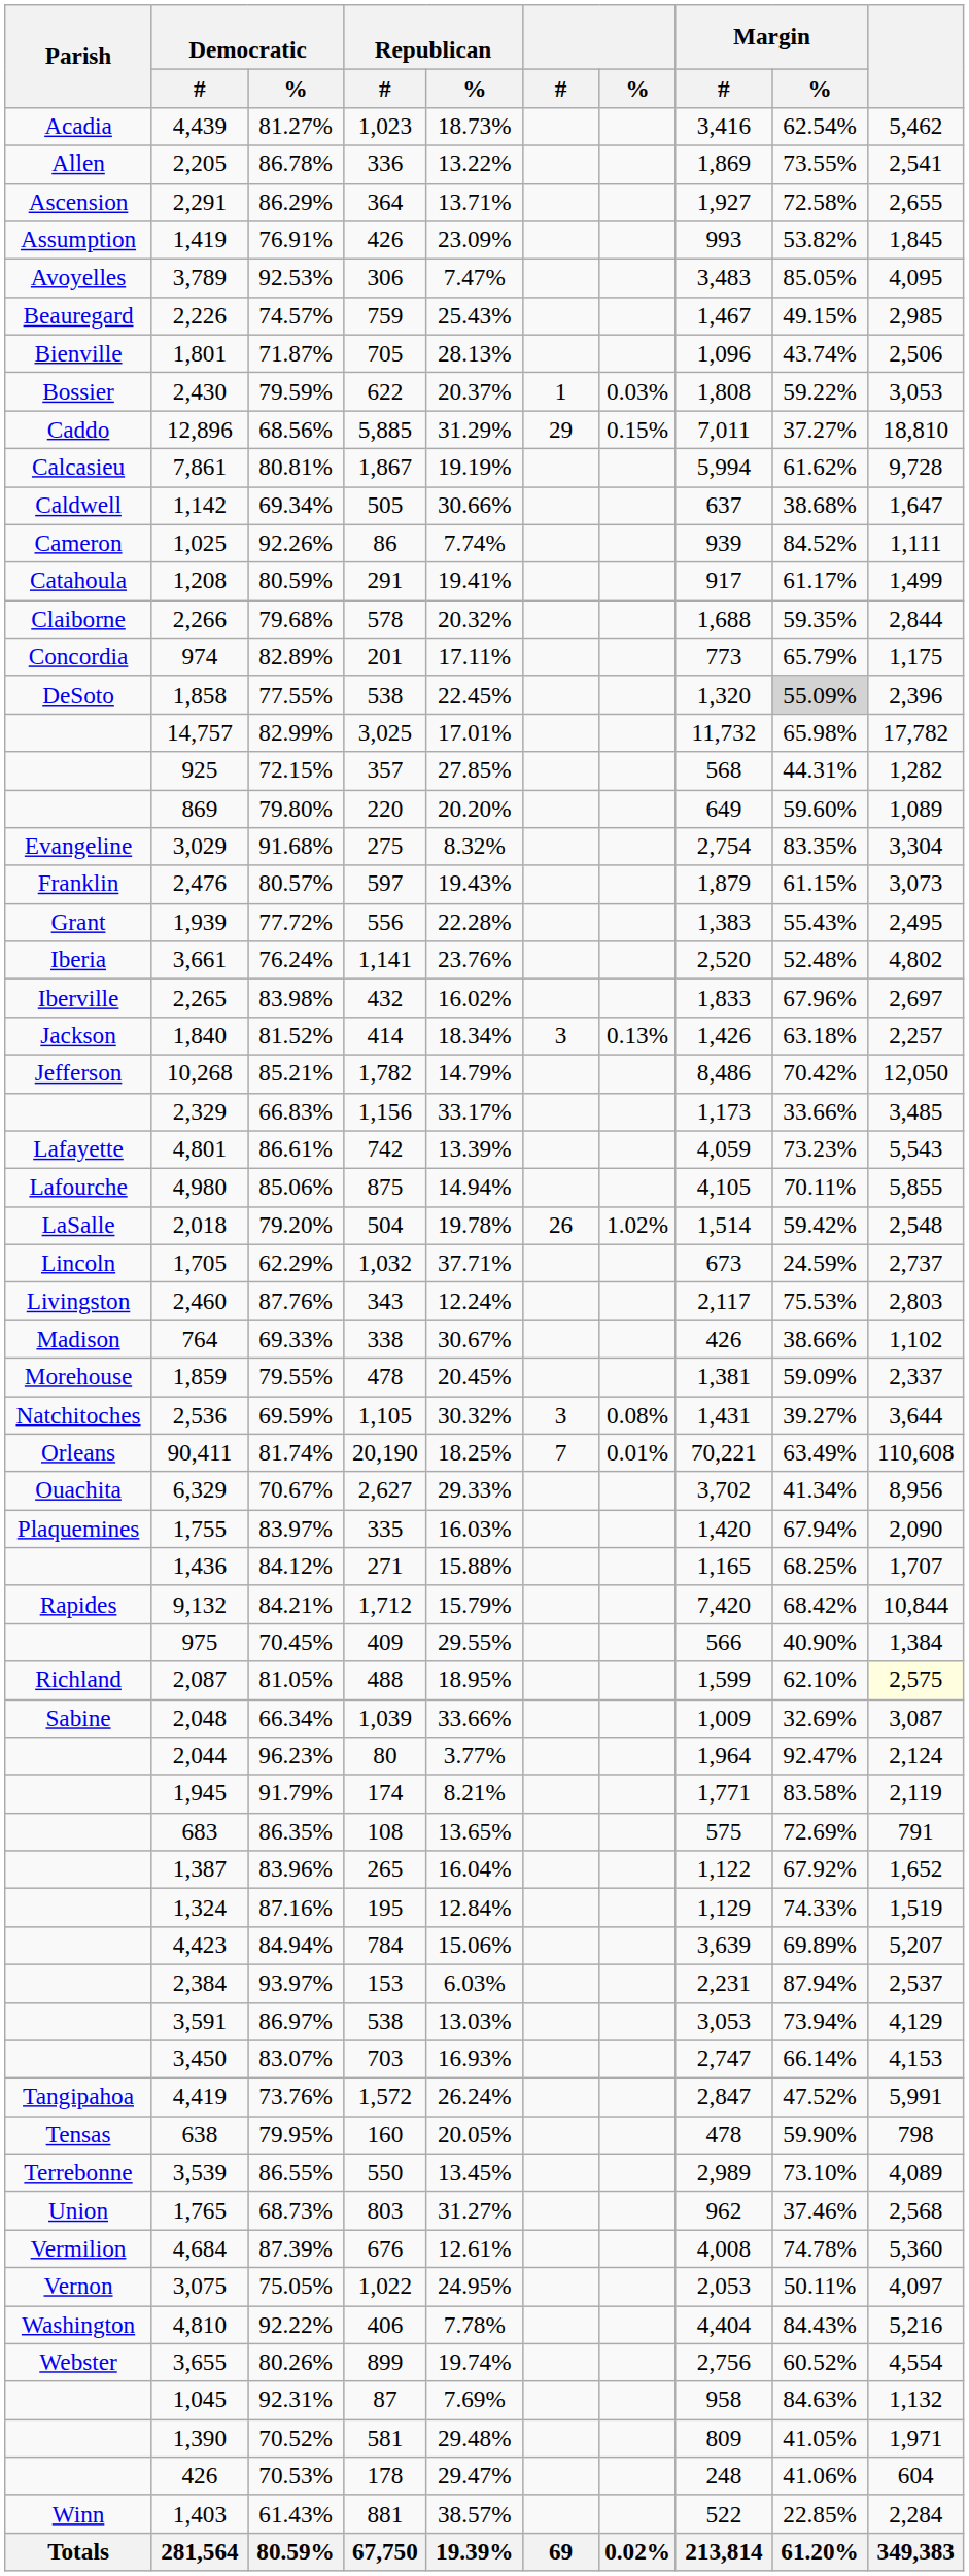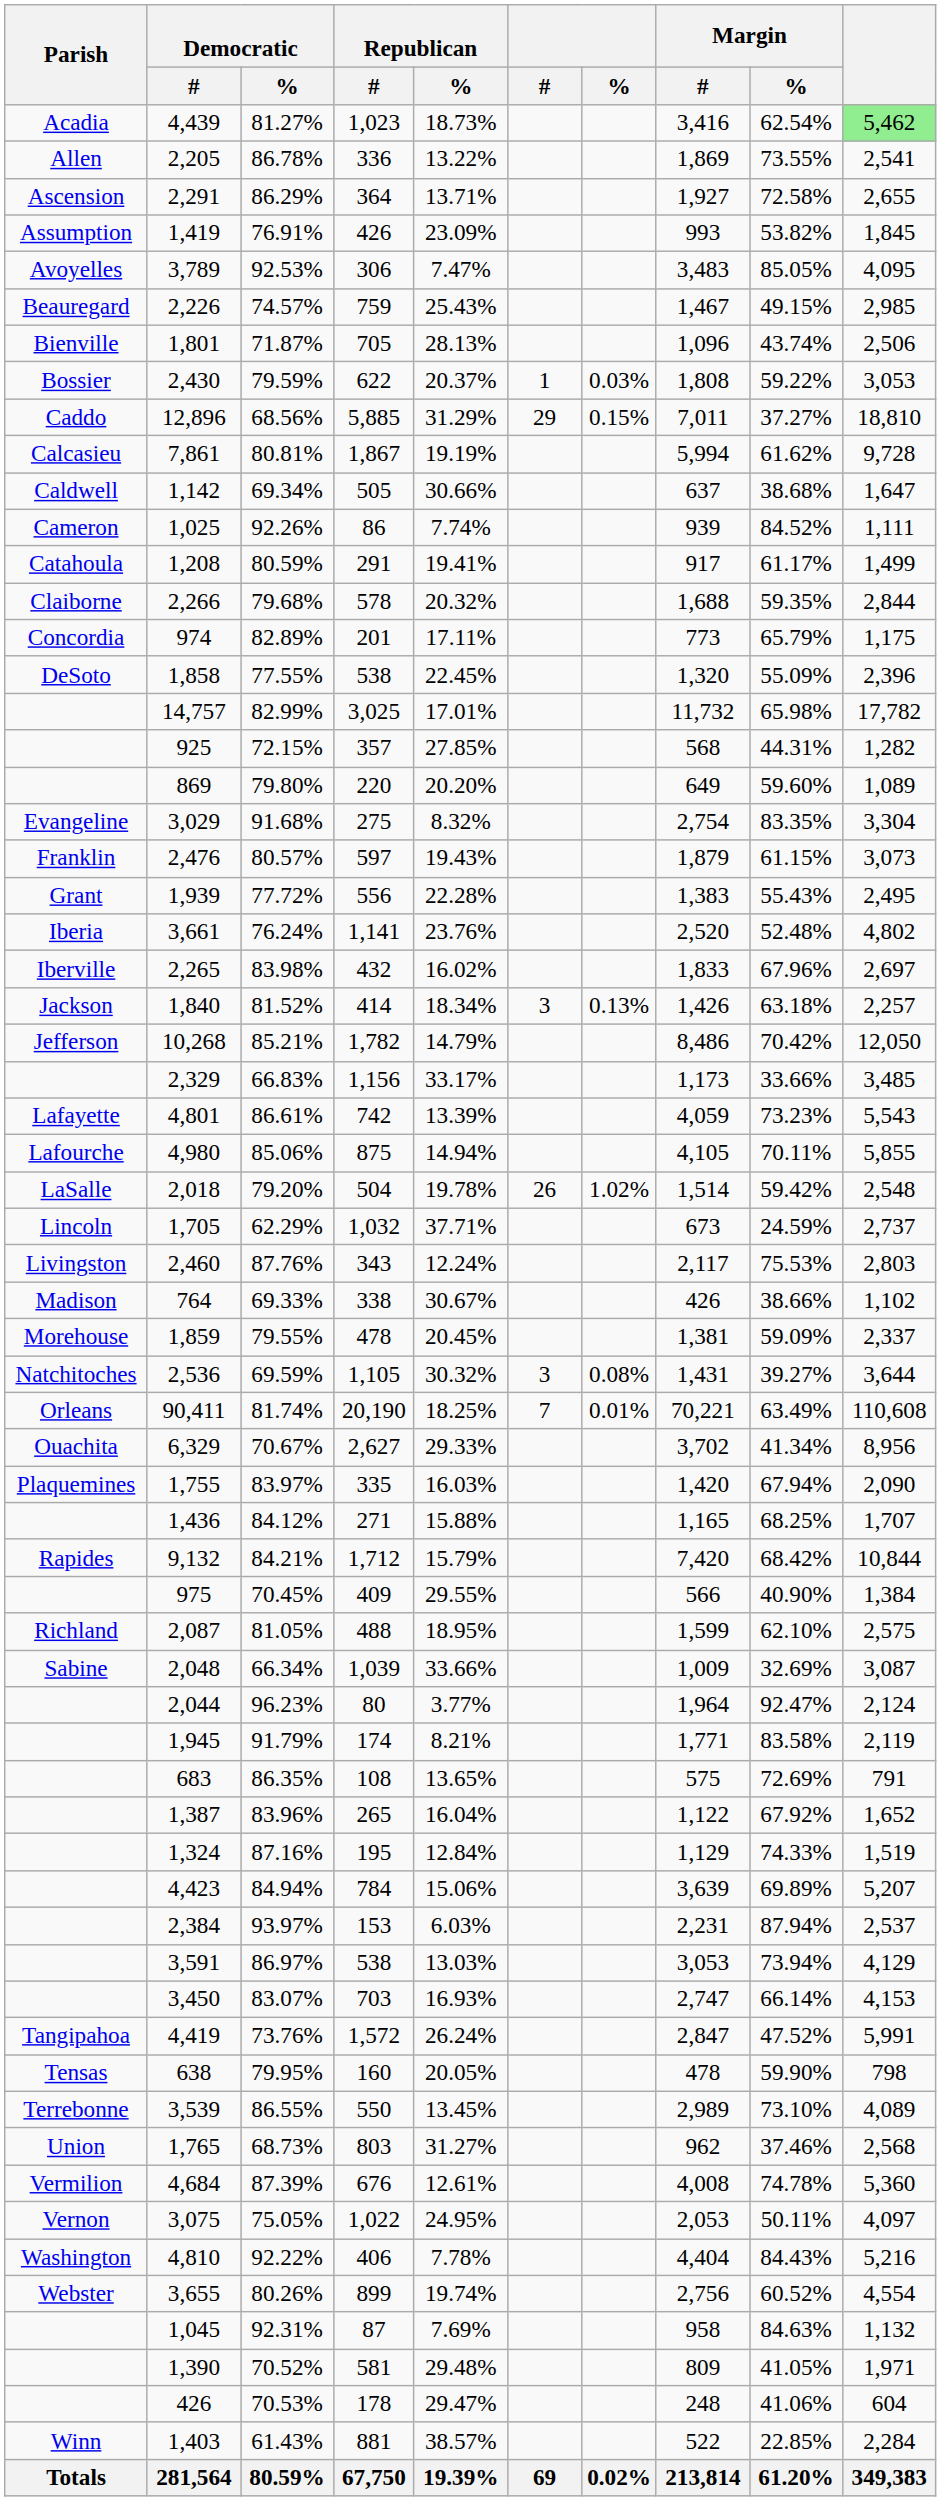 <table class="wikitable sortable mw-collapsible mw-collapsed">
 <tr>
 <th rowspan="2">Parish</th>
 <th colspan="2"><br>Democratic</th>
 <th colspan="2"><br>Republican</th>
 <th colspan="2"><br></th>
 <th colspan="2">Margin</th>
 <th rowspan="2"></th>
 </tr>
 <tr style="text-align:center;">
 <th data-sort-type="number">#</th>
 <th data-sort-type="number">%</th>
 <th data-sort-type="number">#</th>
 <th data-sort-type="number">%</th>
 <th data-sort-type="number" width="8%">#</th>
 <th data-sort-type="number" width="8%">%</th>
 <th data-sort-type="number">#</th>
 <th data-sort-type="number">%</th>
 </tr>
 <tr style="text-align:center;">
 <td><a href='#'>Acadia</a></td>
 <td>4,439</td>
 <td>81.27%</td>
 <td>1,023</td>
 <td>18.73%</td>
 <td></td>
 <td></td>
 <td>3,416</td>
 <td>62.54%</td>
-<td>5,462</td>
+<td style="background: lightgreen;">5,462</td>
 </tr>
 <tr style="text-align:center;">
 <td><a href='#'>Allen</a></td>
 <td>2,205</td>
 <td>86.78%</td>
 <td>336</td>
 <td>13.22%</td>
 <td></td>
 <td></td>
 <td>1,869</td>
 <td>73.55%</td>
 <td>2,541</td>
 </tr>
 <tr style="text-align:center;">
 <td><a href='#'>Ascension</a></td>
 <td>2,291</td>
 <td>86.29%</td>
 <td>364</td>
 <td>13.71%</td>
 <td></td>
 <td></td>
 <td>1,927</td>
 <td>72.58%</td>
 <td>2,655</td>
 </tr>
 <tr style="text-align:center;">
 <td><a href='#'>Assumption</a></td>
 <td>1,419</td>
 <td>76.91%</td>
 <td>426</td>
 <td>23.09%</td>
 <td></td>
 <td></td>
 <td>993</td>
 <td>53.82%</td>
 <td>1,845</td>
 </tr>
 <tr style="text-align:center;">
 <td><a href='#'>Avoyelles</a></td>
 <td>3,789</td>
 <td>92.53%</td>
 <td>306</td>
 <td>7.47%</td>
 <td></td>
 <td></td>
 <td>3,483</td>
 <td>85.05%</td>
 <td>4,095</td>
 </tr>
 <tr style="text-align:center;">
 <td><a href='#'>Beauregard</a></td>
 <td>2,226</td>
 <td>74.57%</td>
 <td>759</td>
 <td>25.43%</td>
 <td></td>
 <td></td>
 <td>1,467</td>
 <td>49.15%</td>
 <td>2,985</td>
 </tr>
 <tr style="text-align:center;">
 <td><a href='#'>Bienville</a></td>
 <td>1,801</td>
 <td>71.87%</td>
 <td>705</td>
 <td>28.13%</td>
 <td></td>
 <td></td>
 <td>1,096</td>
 <td>43.74%</td>
 <td>2,506</td>
 </tr>
 <tr style="text-align:center;">
 <td><a href='#'>Bossier</a></td>
 <td>2,430</td>
 <td>79.59%</td>
 <td>622</td>
 <td>20.37%</td>
 <td>1</td>
 <td>0.03%</td>
 <td>1,808</td>
 <td>59.22%</td>
 <td>3,053</td>
 </tr>
 <tr style="text-align:center;">
 <td><a href='#'>Caddo</a></td>
 <td>12,896</td>
 <td>68.56%</td>
 <td>5,885</td>
 <td>31.29%</td>
 <td>29</td>
 <td>0.15%</td>
 <td>7,011</td>
 <td>37.27%</td>
 <td>18,810</td>
 </tr>
 <tr style="text-align:center;">
 <td><a href='#'>Calcasieu</a></td>
 <td>7,861</td>
 <td>80.81%</td>
 <td>1,867</td>
 <td>19.19%</td>
 <td></td>
 <td></td>
 <td>5,994</td>
 <td>61.62%</td>
 <td>9,728</td>
 </tr>
 <tr style="text-align:center;">
 <td><a href='#'>Caldwell</a></td>
 <td>1,142</td>
 <td>69.34%</td>
 <td>505</td>
 <td>30.66%</td>
 <td></td>
 <td></td>
 <td>637</td>
 <td>38.68%</td>
 <td>1,647</td>
 </tr>
 <tr style="text-align:center;">
 <td><a href='#'>Cameron</a></td>
 <td>1,025</td>
 <td>92.26%</td>
 <td>86</td>
 <td>7.74%</td>
 <td></td>
 <td></td>
 <td>939</td>
 <td>84.52%</td>
 <td>1,111</td>
 </tr>
 <tr style="text-align:center;">
 <td><a href='#'>Catahoula</a></td>
 <td>1,208</td>
 <td>80.59%</td>
 <td>291</td>
 <td>19.41%</td>
 <td></td>
 <td></td>
 <td>917</td>
 <td>61.17%</td>
 <td>1,499</td>
 </tr>
 <tr style="text-align:center;">
 <td><a href='#'>Claiborne</a></td>
 <td>2,266</td>
 <td>79.68%</td>
 <td>578</td>
 <td>20.32%</td>
 <td></td>
 <td></td>
 <td>1,688</td>
 <td>59.35%</td>
 <td>2,844</td>
 </tr>
 <tr style="text-align:center;">
 <td><a href='#'>Concordia</a></td>
 <td>974</td>
 <td>82.89%</td>
 <td>201</td>
 <td>17.11%</td>
 <td></td>
 <td></td>
 <td>773</td>
 <td>65.79%</td>
 <td>1,175</td>
 </tr>
 <tr style="text-align:center;">
 <td><a href='#'>DeSoto</a></td>
 <td>1,858</td>
 <td>77.55%</td>
 <td>538</td>
 <td>22.45%</td>
 <td></td>
 <td></td>
 <td>1,320</td>
-<td style="background: lightgrey;">55.09%</td>
+<td>55.09%</td>
 <td>2,396</td>
 </tr>
 <tr style="text-align:center;">
 <td></td>
 <td>14,757</td>
 <td>82.99%</td>
 <td>3,025</td>
 <td>17.01%</td>
 <td></td>
 <td></td>
 <td>11,732</td>
 <td>65.98%</td>
 <td>17,782</td>
 </tr>
 <tr style="text-align:center;">
 <td></td>
 <td>925</td>
 <td>72.15%</td>
 <td>357</td>
 <td>27.85%</td>
 <td></td>
 <td></td>
 <td>568</td>
 <td>44.31%</td>
 <td>1,282</td>
 </tr>
 <tr style="text-align:center;">
 <td></td>
 <td>869</td>
 <td>79.80%</td>
 <td>220</td>
 <td>20.20%</td>
 <td></td>
 <td></td>
 <td>649</td>
 <td>59.60%</td>
 <td>1,089</td>
 </tr>
 <tr style="text-align:center;">
 <td><a href='#'>Evangeline</a></td>
 <td>3,029</td>
 <td>91.68%</td>
 <td>275</td>
 <td>8.32%</td>
 <td></td>
 <td></td>
 <td>2,754</td>
 <td>83.35%</td>
 <td>3,304</td>
 </tr>
 <tr style="text-align:center;">
 <td><a href='#'>Franklin</a></td>
 <td>2,476</td>
 <td>80.57%</td>
 <td>597</td>
 <td>19.43%</td>
 <td></td>
 <td></td>
 <td>1,879</td>
 <td>61.15%</td>
 <td>3,073</td>
 </tr>
 <tr style="text-align:center;">
 <td><a href='#'>Grant</a></td>
 <td>1,939</td>
 <td>77.72%</td>
 <td>556</td>
 <td>22.28%</td>
 <td></td>
 <td></td>
 <td>1,383</td>
 <td>55.43%</td>
 <td>2,495</td>
 </tr>
 <tr style="text-align:center;">
 <td><a href='#'>Iberia</a></td>
 <td>3,661</td>
 <td>76.24%</td>
 <td>1,141</td>
 <td>23.76%</td>
 <td></td>
 <td></td>
 <td>2,520</td>
 <td>52.48%</td>
 <td>4,802</td>
 </tr>
 <tr style="text-align:center;">
 <td><a href='#'>Iberville</a></td>
 <td>2,265</td>
 <td>83.98%</td>
 <td>432</td>
 <td>16.02%</td>
 <td></td>
 <td></td>
 <td>1,833</td>
 <td>67.96%</td>
 <td>2,697</td>
 </tr>
 <tr style="text-align:center;">
 <td><a href='#'>Jackson</a></td>
 <td>1,840</td>
 <td>81.52%</td>
 <td>414</td>
 <td>18.34%</td>
 <td>3</td>
 <td>0.13%</td>
 <td>1,426</td>
 <td>63.18%</td>
 <td>2,257</td>
 </tr>
 <tr style="text-align:center;">
 <td><a href='#'>Jefferson</a></td>
 <td>10,268</td>
 <td>85.21%</td>
 <td>1,782</td>
 <td>14.79%</td>
 <td></td>
 <td></td>
 <td>8,486</td>
 <td>70.42%</td>
 <td>12,050</td>
 </tr>
 <tr style="text-align:center;">
 <td></td>
 <td>2,329</td>
 <td>66.83%</td>
 <td>1,156</td>
 <td>33.17%</td>
 <td></td>
 <td></td>
 <td>1,173</td>
 <td>33.66%</td>
 <td>3,485</td>
 </tr>
 <tr style="text-align:center;">
 <td><a href='#'>Lafayette</a></td>
 <td>4,801</td>
 <td>86.61%</td>
 <td>742</td>
 <td>13.39%</td>
 <td></td>
 <td></td>
 <td>4,059</td>
 <td>73.23%</td>
 <td>5,543</td>
 </tr>
 <tr style="text-align:center;">
 <td><a href='#'>Lafourche</a></td>
 <td>4,980</td>
 <td>85.06%</td>
 <td>875</td>
 <td>14.94%</td>
 <td></td>
 <td></td>
 <td>4,105</td>
 <td>70.11%</td>
 <td>5,855</td>
 </tr>
 <tr style="text-align:center;">
 <td><a href='#'>LaSalle</a></td>
 <td>2,018</td>
 <td>79.20%</td>
 <td>504</td>
 <td>19.78%</td>
 <td>26</td>
 <td>1.02%</td>
 <td>1,514</td>
 <td>59.42%</td>
 <td>2,548</td>
 </tr>
 <tr style="text-align:center;">
 <td><a href='#'>Lincoln</a></td>
 <td>1,705</td>
 <td>62.29%</td>
 <td>1,032</td>
 <td>37.71%</td>
 <td></td>
 <td></td>
 <td>673</td>
 <td>24.59%</td>
 <td>2,737</td>
 </tr>
 <tr style="text-align:center;">
 <td><a href='#'>Livingston</a></td>
 <td>2,460</td>
 <td>87.76%</td>
 <td>343</td>
 <td>12.24%</td>
 <td></td>
 <td></td>
 <td>2,117</td>
 <td>75.53%</td>
 <td>2,803</td>
 </tr>
 <tr style="text-align:center;">
 <td><a href='#'>Madison</a></td>
 <td>764</td>
 <td>69.33%</td>
 <td>338</td>
 <td>30.67%</td>
 <td></td>
 <td></td>
 <td>426</td>
 <td>38.66%</td>
 <td>1,102</td>
 </tr>
 <tr style="text-align:center;">
 <td><a href='#'>Morehouse</a></td>
 <td>1,859</td>
 <td>79.55%</td>
 <td>478</td>
 <td>20.45%</td>
 <td></td>
 <td></td>
 <td>1,381</td>
 <td>59.09%</td>
 <td>2,337</td>
 </tr>
 <tr style="text-align:center;">
 <td><a href='#'>Natchitoches</a></td>
 <td>2,536</td>
 <td>69.59%</td>
 <td>1,105</td>
 <td>30.32%</td>
 <td>3</td>
 <td>0.08%</td>
 <td>1,431</td>
 <td>39.27%</td>
 <td>3,644</td>
 </tr>
 <tr style="text-align:center;">
 <td><a href='#'>Orleans</a></td>
 <td>90,411</td>
 <td>81.74%</td>
 <td>20,190</td>
 <td>18.25%</td>
 <td>7</td>
 <td>0.01%</td>
 <td>70,221</td>
 <td>63.49%</td>
 <td>110,608</td>
 </tr>
 <tr style="text-align:center;">
 <td><a href='#'>Ouachita</a></td>
 <td>6,329</td>
 <td>70.67%</td>
 <td>2,627</td>
 <td>29.33%</td>
 <td></td>
 <td></td>
 <td>3,702</td>
 <td>41.34%</td>
 <td>8,956</td>
 </tr>
 <tr style="text-align:center;">
 <td><a href='#'>Plaquemines</a></td>
 <td>1,755</td>
 <td>83.97%</td>
 <td>335</td>
 <td>16.03%</td>
 <td></td>
 <td></td>
 <td>1,420</td>
 <td>67.94%</td>
 <td>2,090</td>
 </tr>
 <tr style="text-align:center;">
 <td></td>
 <td>1,436</td>
 <td>84.12%</td>
 <td>271</td>
 <td>15.88%</td>
 <td></td>
 <td></td>
 <td>1,165</td>
 <td>68.25%</td>
 <td>1,707</td>
 </tr>
 <tr style="text-align:center;">
 <td><a href='#'>Rapides</a></td>
 <td>9,132</td>
 <td>84.21%</td>
 <td>1,712</td>
 <td>15.79%</td>
 <td></td>
 <td></td>
 <td>7,420</td>
 <td>68.42%</td>
 <td>10,844</td>
 </tr>
 <tr style="text-align:center;">
 <td></td>
 <td>975</td>
 <td>70.45%</td>
 <td>409</td>
 <td>29.55%</td>
 <td></td>
 <td></td>
 <td>566</td>
 <td>40.90%</td>
 <td>1,384</td>
 </tr>
 <tr style="text-align:center;">
 <td><a href='#'>Richland</a></td>
 <td>2,087</td>
 <td>81.05%</td>
 <td>488</td>
 <td>18.95%</td>
 <td></td>
 <td></td>
 <td>1,599</td>
 <td>62.10%</td>
-<td style="background: lightyellow;">2,575</td>
+<td>2,575</td>
 </tr>
 <tr style="text-align:center;">
 <td><a href='#'>Sabine</a></td>
 <td>2,048</td>
 <td>66.34%</td>
 <td>1,039</td>
 <td>33.66%</td>
 <td></td>
 <td></td>
 <td>1,009</td>
 <td>32.69%</td>
 <td>3,087</td>
 </tr>
 <tr style="text-align:center;">
 <td></td>
 <td>2,044</td>
 <td>96.23%</td>
 <td>80</td>
 <td>3.77%</td>
 <td></td>
 <td></td>
 <td>1,964</td>
 <td>92.47%</td>
 <td>2,124</td>
 </tr>
 <tr style="text-align:center;">
 <td></td>
 <td>1,945</td>
 <td>91.79%</td>
 <td>174</td>
 <td>8.21%</td>
 <td></td>
 <td></td>
 <td>1,771</td>
 <td>83.58%</td>
 <td>2,119</td>
 </tr>
 <tr style="text-align:center;">
 <td></td>
 <td>683</td>
 <td>86.35%</td>
 <td>108</td>
 <td>13.65%</td>
 <td></td>
 <td></td>
 <td>575</td>
 <td>72.69%</td>
 <td>791</td>
 </tr>
 <tr style="text-align:center;">
 <td></td>
 <td>1,387</td>
 <td>83.96%</td>
 <td>265</td>
 <td>16.04%</td>
 <td></td>
 <td></td>
 <td>1,122</td>
 <td>67.92%</td>
 <td>1,652</td>
 </tr>
 <tr style="text-align:center;">
 <td></td>
 <td>1,324</td>
 <td>87.16%</td>
 <td>195</td>
 <td>12.84%</td>
 <td></td>
 <td></td>
 <td>1,129</td>
 <td>74.33%</td>
 <td>1,519</td>
 </tr>
 <tr style="text-align:center;">
 <td></td>
 <td>4,423</td>
 <td>84.94%</td>
 <td>784</td>
 <td>15.06%</td>
 <td></td>
 <td></td>
 <td>3,639</td>
 <td>69.89%</td>
 <td>5,207</td>
 </tr>
 <tr style="text-align:center;">
 <td></td>
 <td>2,384</td>
 <td>93.97%</td>
 <td>153</td>
 <td>6.03%</td>
 <td></td>
 <td></td>
 <td>2,231</td>
 <td>87.94%</td>
 <td>2,537</td>
 </tr>
 <tr style="text-align:center;">
 <td></td>
 <td>3,591</td>
 <td>86.97%</td>
 <td>538</td>
 <td>13.03%</td>
 <td></td>
 <td></td>
 <td>3,053</td>
 <td>73.94%</td>
 <td>4,129</td>
 </tr>
 <tr style="text-align:center;">
 <td></td>
 <td>3,450</td>
 <td>83.07%</td>
 <td>703</td>
 <td>16.93%</td>
 <td></td>
 <td></td>
 <td>2,747</td>
 <td>66.14%</td>
 <td>4,153</td>
 </tr>
 <tr style="text-align:center;">
 <td><a href='#'>Tangipahoa</a></td>
 <td>4,419</td>
 <td>73.76%</td>
 <td>1,572</td>
 <td>26.24%</td>
 <td></td>
 <td></td>
 <td>2,847</td>
 <td>47.52%</td>
 <td>5,991</td>
 </tr>
 <tr style="text-align:center;">
 <td><a href='#'>Tensas</a></td>
 <td>638</td>
 <td>79.95%</td>
 <td>160</td>
 <td>20.05%</td>
 <td></td>
 <td></td>
 <td>478</td>
 <td>59.90%</td>
 <td>798</td>
 </tr>
 <tr style="text-align:center;">
 <td><a href='#'>Terrebonne</a></td>
 <td>3,539</td>
 <td>86.55%</td>
 <td>550</td>
 <td>13.45%</td>
 <td></td>
 <td></td>
 <td>2,989</td>
 <td>73.10%</td>
 <td>4,089</td>
 </tr>
 <tr style="text-align:center;">
 <td><a href='#'>Union</a></td>
 <td>1,765</td>
 <td>68.73%</td>
 <td>803</td>
 <td>31.27%</td>
 <td></td>
 <td></td>
 <td>962</td>
 <td>37.46%</td>
 <td>2,568</td>
 </tr>
 <tr style="text-align:center;">
 <td><a href='#'>Vermilion</a></td>
 <td>4,684</td>
 <td>87.39%</td>
 <td>676</td>
 <td>12.61%</td>
 <td></td>
 <td></td>
 <td>4,008</td>
 <td>74.78%</td>
 <td>5,360</td>
 </tr>
 <tr style="text-align:center;">
 <td><a href='#'>Vernon</a></td>
 <td>3,075</td>
 <td>75.05%</td>
 <td>1,022</td>
 <td>24.95%</td>
 <td></td>
 <td></td>
 <td>2,053</td>
 <td>50.11%</td>
 <td>4,097</td>
 </tr>
 <tr style="text-align:center;">
 <td><a href='#'>Washington</a></td>
 <td>4,810</td>
 <td>92.22%</td>
 <td>406</td>
 <td>7.78%</td>
 <td></td>
 <td></td>
 <td>4,404</td>
 <td>84.43%</td>
 <td>5,216</td>
 </tr>
 <tr style="text-align:center;">
 <td><a href='#'>Webster</a></td>
 <td>3,655</td>
 <td>80.26%</td>
 <td>899</td>
 <td>19.74%</td>
 <td></td>
 <td></td>
 <td>2,756</td>
 <td>60.52%</td>
 <td>4,554</td>
 </tr>
 <tr style="text-align:center;">
 <td></td>
 <td>1,045</td>
 <td>92.31%</td>
 <td>87</td>
 <td>7.69%</td>
 <td></td>
 <td></td>
 <td>958</td>
 <td>84.63%</td>
 <td>1,132</td>
 </tr>
 <tr style="text-align:center;">
 <td></td>
 <td>1,390</td>
 <td>70.52%</td>
 <td>581</td>
 <td>29.48%</td>
 <td></td>
 <td></td>
 <td>809</td>
 <td>41.05%</td>
 <td>1,971</td>
 </tr>
 <tr style="text-align:center;">
 <td></td>
 <td>426</td>
 <td>70.53%</td>
 <td>178</td>
 <td>29.47%</td>
 <td></td>
 <td></td>
 <td>248</td>
 <td>41.06%</td>
 <td>604</td>
 </tr>
 <tr style="text-align:center;">
 <td><a href='#'>Winn</a></td>
 <td>1,403</td>
 <td>61.43%</td>
 <td>881</td>
 <td>38.57%</td>
 <td></td>
 <td></td>
 <td>522</td>
 <td>22.85%</td>
 <td>2,284</td>
 </tr>
 <tr style="text-align:center;">
 <th>Totals</th>
 <th>281,564</th>
 <th>80.59%</th>
 <th>67,750</th>
 <th>19.39%</th>
 <th>69</th>
 <th>0.02%</th>
 <th>213,814</th>
 <th>61.20%</th>
 <th>349,383</th>
 </tr>
 </table>
